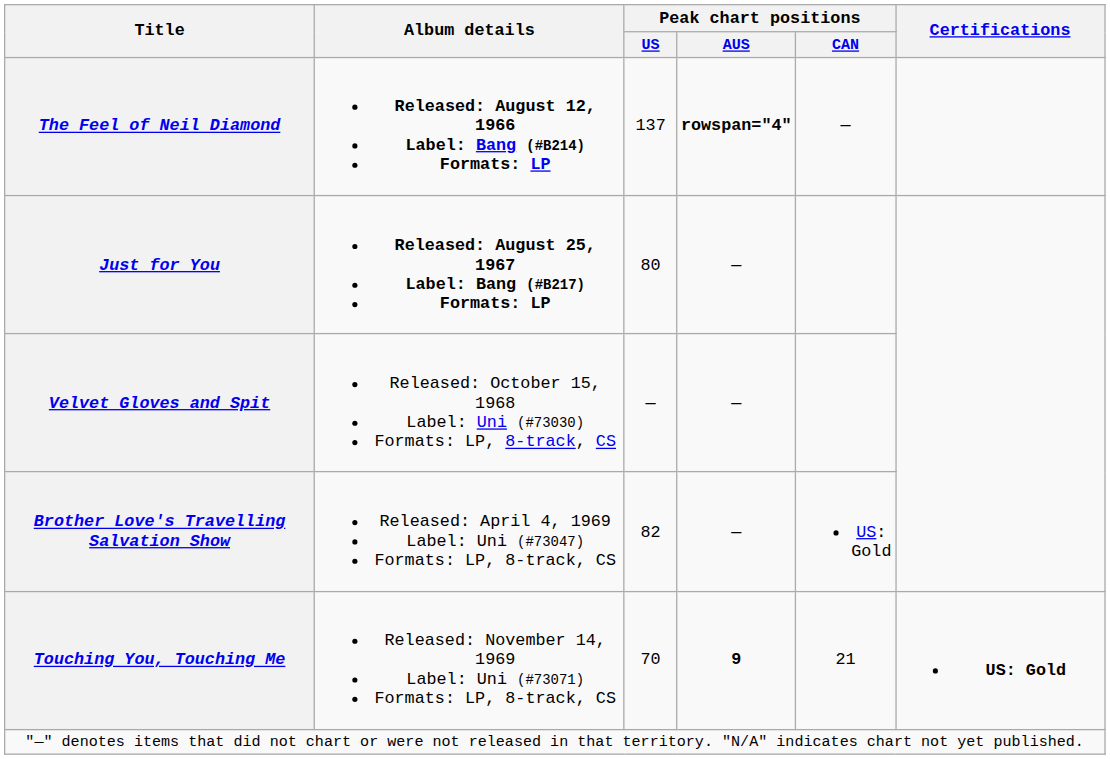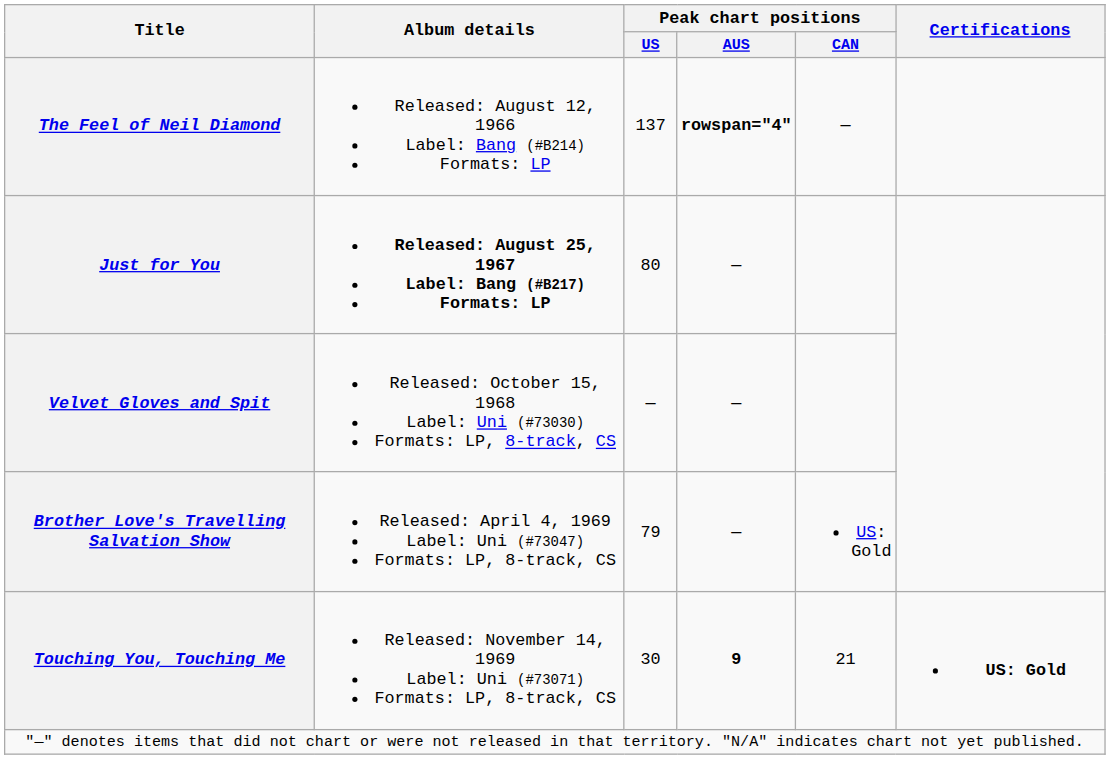 <table class="wikitable plainrowheaders" style="text-align:center;">
 <tr>
 <th scope="col" rowspan="2" style="width:18em;">Title</th>
 <th scope="col" rowspan="2" style="width:18em;">Album details</th>
 <th scope="col" colspan="3">Peak chart positions</th>
 <th scope="col" rowspan="2" style="width:12em;"><a href='#'>Certifications</a></th>
 </tr>
 <tr>
 <th style="width:3em;font-size:90%;"><a href='#'>US</a><br></th>
 <th style="width:3em;font-size:90%;"><a href='#'>AUS</a><br></th>
 <th style="width:3em;font-size:90%;"><a href='#'>CAN</a><br></th>
 </tr>
 <tr>
 <th scope="row"><em><a href='#'>The Feel of Neil Diamond</a></em></th>
-<td><strong><br><ul><li>Released: August 12, 1966</li><li>Label: <a href='#'>Bang</a> <small>(#B214)</small></li><li>Formats: <a href='#'>LP</a></li></ul></strong></td>
+<td><br><ul><li>Released: August 12, 1966</li><li>Label: <a href='#'>Bang</a> <small>(#B214)</small></li><li>Formats: <a href='#'>LP</a></li></ul></td>
 <td>137</td>
 <td><strong>rowspan="4" </strong></td>
 <td>—</td>
 <td></td>
 </tr>
 <tr>
 <th scope="row"><em><a href='#'>Just for You</a></em></th>
 <td><strong><br><ul><li>Released: August 25, 1967</li><li>Label: Bang <small>(#B217)</small></li><li>Formats: LP</li></ul></strong></td>
 <td>80</td>
 <td>—</td>
 <td></td>
 </tr>
 <tr>
 <th scope="row"><em><a href='#'>Velvet Gloves and Spit</a></em></th>
 <td><br><ul><li>Released: October 15, 1968</li><li>Label: <a href='#'>Uni</a> <small>(#73030)</small></li><li>Formats: LP, <a href='#'>8-track</a>, <a href='#'>CS</a></li></ul></td>
 <td>—</td>
 <td>—</td>
 <td></td>
 </tr>
 <tr>
 <th scope="row"><em><a href='#'>Brother Love's Travelling Salvation Show</a></em></th>
 <td><br><ul><li>Released: April 4, 1969</li><li>Label: Uni <small>(#73047)</small></li><li>Formats: LP, 8-track, CS</li></ul></td>
-<td>82</td>
+<td>79</td>
 <td>—</td>
 <td><br><ul><li><a href='#'>US</a>: Gold</li></ul></td>
 </tr>
 <tr>
 <th scope="row"><em><a href='#'>Touching You, Touching Me</a></em></th>
 <td><br><ul><li>Released: November 14, 1969</li><li>Label: Uni <small>(#73071)</small></li><li>Formats: LP, 8-track, CS</li></ul></td>
-<td>70</td>
+<td>30</td>
 <td><strong>9</strong></td>
 <td>21</td>
 <td><strong><br><ul><li>US: Gold</li></ul></strong></td>
 </tr>
 <tr>
 <td align="center" colspan="15" style="font-size:90%">"—" denotes items that did not chart or were not released in that territory. "N/A" indicates chart not yet published.</td>
 </tr>
 </table>
